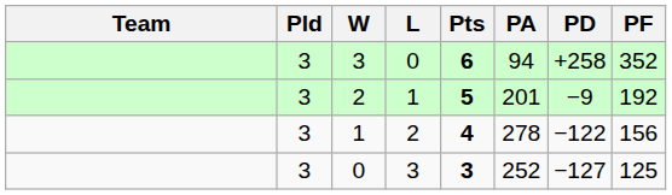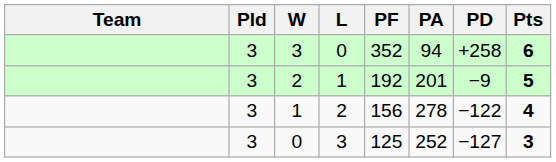 <table class=wikitable style="text-align:center">
 <tr>
 <th width=180>Team</th>
 <th width=30>Pld</th>
 <th width=30>W</th>
 <th width=30>L</th>
-<th width=30>Pts</th>
+<th width=30>PF</th>
 <th width=30>PA</th>
 <th width=30>PD</th>
-<th width=30>PF</th>
+<th width=30>Pts</th>
 </tr>
 <tr bgcolor="#ccffcc">
 <td align="left"></td>
 <td>3</td>
 <td>3</td>
 <td>0</td>
-<td><strong>6</strong></td>
+<td>352</td>
 <td>94</td>
 <td>+258</td>
-<td>352</td>
+<td><strong>6</strong></td>
 </tr>
 <tr bgcolor="#ccffcc">
 <td align="left"></td>
 <td>3</td>
 <td>2</td>
 <td>1</td>
-<td><strong>5</strong></td>
+<td>192</td>
 <td>201</td>
 <td>−9</td>
-<td>192</td>
+<td><strong>5</strong></td>
 </tr>
 <tr>
 <td align="left"></td>
 <td>3</td>
 <td>1</td>
 <td>2</td>
-<td><strong>4</strong></td>
+<td>156</td>
 <td>278</td>
 <td>−122</td>
-<td>156</td>
+<td><strong>4</strong></td>
 </tr>
 <tr>
 <td align="left"></td>
 <td>3</td>
 <td>0</td>
 <td>3</td>
-<td><strong>3</strong></td>
+<td>125</td>
 <td>252</td>
 <td>−127</td>
-<td>125</td>
+<td><strong>3</strong></td>
 </tr>
 </table>
